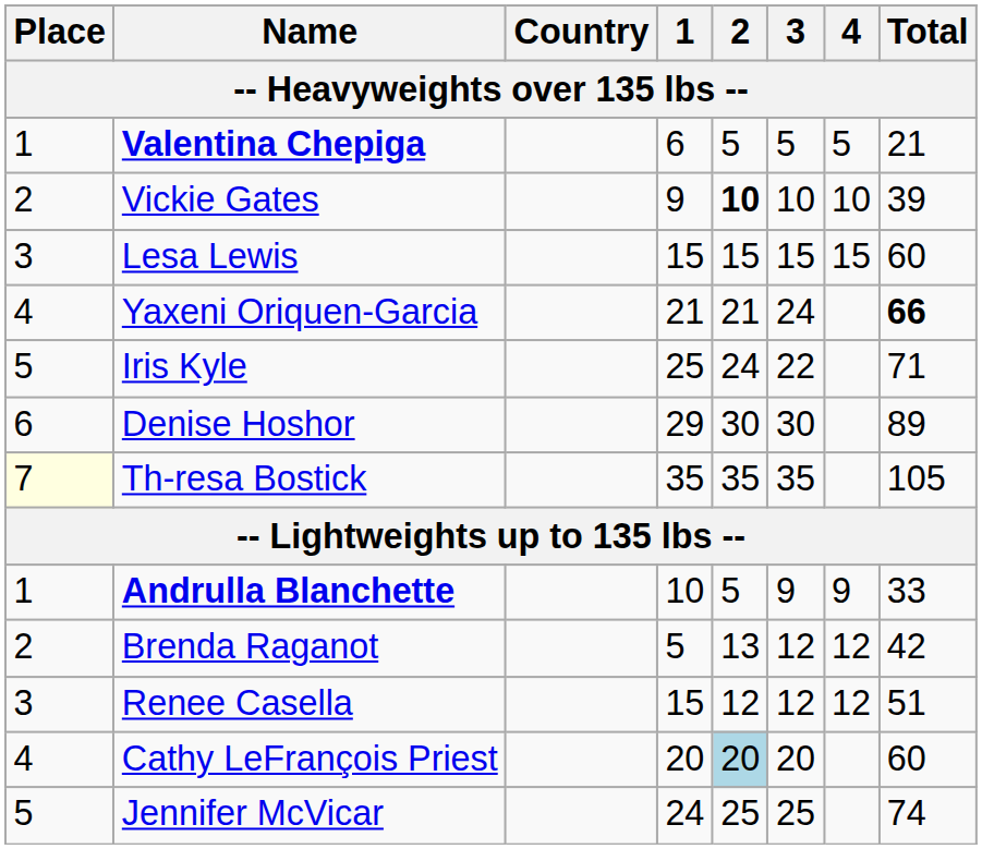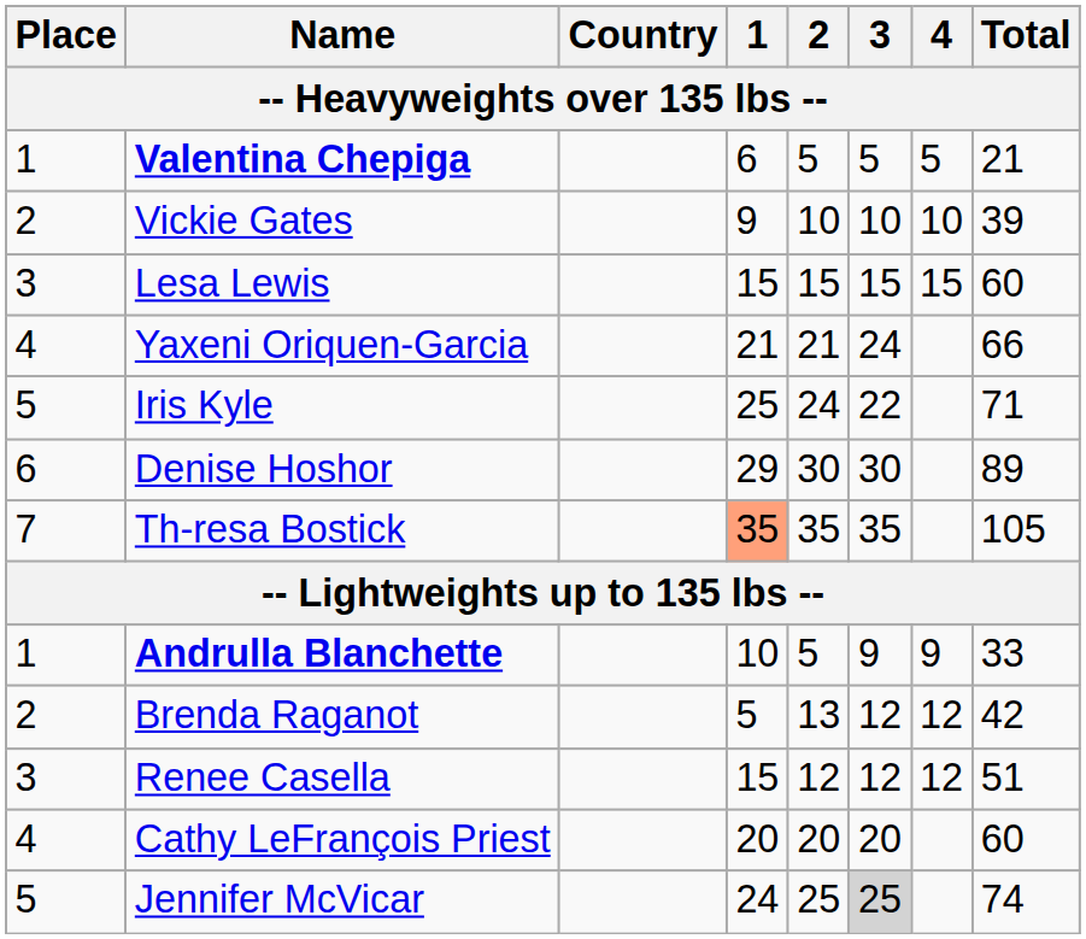 <table class="wikitable">
 <tr>
 <th>Place</th>
 <th>Name</th>
 <th>Country</th>
 <th>1</th>
 <th>2</th>
 <th>3</th>
 <th>4</th>
 <th>Total</th>
 </tr>
 <tr>
 <th rowspan=1 colspan=8 align="center">-- Heavyweights over 135 lbs --</th>
 </tr>
 <tr>
 <td>1</td>
 <td><strong><a href='#'>Valentina Chepiga</a></strong></td>
 <td></td>
 <td>6</td>
 <td>5</td>
 <td>5</td>
 <td>5</td>
 <td>21</td>
 </tr>
 <tr>
 <td>2</td>
 <td><a href='#'>Vickie Gates</a></td>
 <td></td>
 <td>9</td>
-<td><strong>10</strong></td>
+<td>10</td>
 <td>10</td>
 <td>10</td>
 <td>39</td>
 </tr>
 <tr>
 <td>3</td>
 <td><a href='#'>Lesa Lewis</a></td>
 <td></td>
 <td>15</td>
 <td>15</td>
 <td>15</td>
 <td>15</td>
 <td>60</td>
 </tr>
 <tr>
 <td>4</td>
 <td><a href='#'>Yaxeni Oriquen-Garcia</a></td>
 <td></td>
 <td>21</td>
 <td>21</td>
 <td>24</td>
 <td></td>
-<td><strong>66</strong></td>
+<td>66</td>
 </tr>
 <tr>
 <td>5</td>
 <td><a href='#'>Iris Kyle</a></td>
 <td></td>
 <td>25</td>
 <td>24</td>
 <td>22</td>
 <td></td>
 <td>71</td>
 </tr>
 <tr>
 <td>6</td>
 <td><a href='#'>Denise Hoshor</a></td>
 <td></td>
 <td>29</td>
 <td>30</td>
 <td>30</td>
 <td></td>
 <td>89</td>
 </tr>
 <tr>
-<td style="background: lightyellow;">7</td>
+<td>7</td>
 <td><a href='#'>Th-resa Bostick</a></td>
 <td></td>
-<td>35</td>
+<td style="background: lightsalmon;">35</td>
 <td>35</td>
 <td>35</td>
 <td></td>
 <td>105</td>
 </tr>
 <tr>
 <th rowspan=1 colspan=8 align="center">-- Lightweights up to 135 lbs --</th>
 </tr>
 <tr>
 <td>1</td>
 <td><strong><a href='#'>Andrulla Blanchette</a></strong></td>
 <td></td>
 <td>10</td>
 <td>5</td>
 <td>9</td>
 <td>9</td>
 <td>33</td>
 </tr>
 <tr>
 <td>2</td>
 <td><a href='#'>Brenda Raganot</a></td>
 <td></td>
 <td>5</td>
 <td>13</td>
 <td>12</td>
 <td>12</td>
 <td>42</td>
 </tr>
 <tr>
 <td>3</td>
 <td><a href='#'>Renee Casella</a></td>
 <td></td>
 <td>15</td>
 <td>12</td>
 <td>12</td>
 <td>12</td>
 <td>51</td>
 </tr>
 <tr>
 <td>4</td>
 <td><a href='#'>Cathy LeFrançois Priest</a></td>
 <td></td>
 <td>20</td>
-<td style="background: lightblue;">20</td>
+<td>20</td>
 <td>20</td>
 <td></td>
 <td>60</td>
 </tr>
 <tr>
 <td>5</td>
 <td><a href='#'>Jennifer McVicar</a></td>
 <td></td>
 <td>24</td>
 <td>25</td>
-<td>25</td>
+<td style="background: lightgrey;">25</td>
 <td></td>
 <td>74</td>
 </tr>
 </table>
